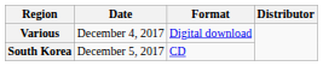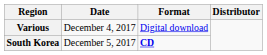 <table class="wikitable plainrowheaders">
 <tr>
 <th>Region</th>
 <th>Date</th>
 <th>Format</th>
 <th>Distributor</th>
 </tr>
 <tr>
 <th scope="row">Various</th>
 <td rowspan="2">December 4, 2017</td>
 <td rowspan="2"><a href='#'>Digital download</a></td>
 <td rowspan="3"></td>
 </tr>
 <tr>
 <th scope="row" rowspan="2">South Korea</th>
 </tr>
 <tr>
 <td rowspan="2">December 5, 2017</td>
-<td><a href='#'>CD</a></td>
+<td><strong><a href='#'>CD</a></strong></td>
 </tr>
 </table>
